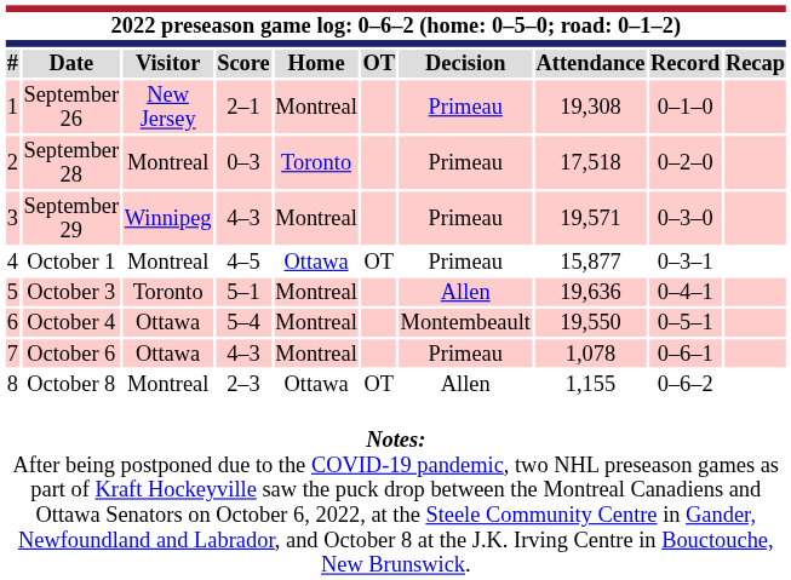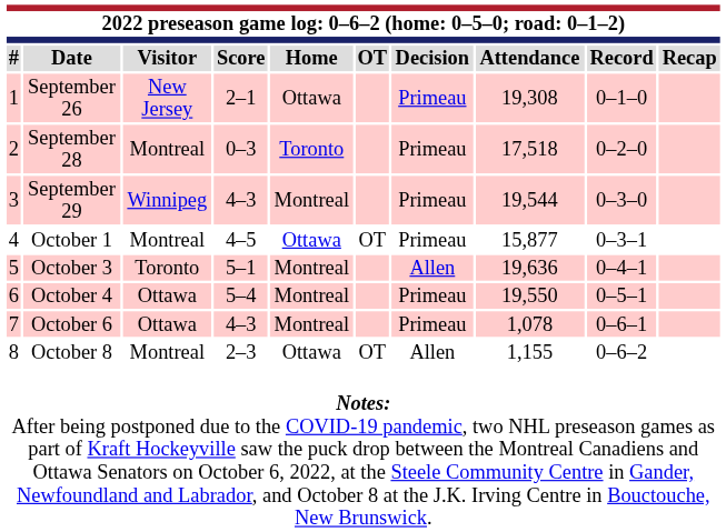 <table class="toccolours collapsible collapsed" style="width:90%; clear:both; margin:1.5em auto; text-align:center;">
 <tr>
 <th colspan="10" style="background:#FFFFFF; border-top:#AF1E2D 5px solid; border-bottom:#192168 5px solid;">2022 preseason game log: 0–6–2 (home: 0–5–0; road: 0–1–2)</th>
 </tr>
 <tr style="background:#ddd;">
 <th>#</th>
 <th>Date</th>
 <th>Visitor</th>
 <th>Score</th>
 <th>Home</th>
 <th>OT</th>
 <th>Decision</th>
 <th>Attendance</th>
 <th>Record</th>
 <th>Recap</th>
 </tr>
 <tr style="background:#fcc;">
 <td>1</td>
 <td>September 26</td>
 <td><a href='#'>New Jersey</a></td>
 <td>2–1</td>
-<td>Montreal</td>
+<td>Ottawa</td>
 <td></td>
 <td><a href='#'>Primeau</a></td>
 <td>19,308</td>
 <td>0–1–0</td>
 <td></td>
 </tr>
 <tr style="background:#fcc;">
 <td>2</td>
 <td>September 28</td>
 <td>Montreal</td>
 <td>0–3</td>
 <td><a href='#'>Toronto</a></td>
 <td></td>
 <td>Primeau</td>
 <td>17,518</td>
 <td>0–2–0</td>
 <td></td>
 </tr>
 <tr style="background:#fcc;">
 <td>3</td>
 <td>September 29</td>
 <td><a href='#'>Winnipeg</a></td>
 <td>4–3</td>
 <td>Montreal</td>
 <td></td>
 <td>Primeau</td>
-<td>19,571</td>
+<td>19,544</td>
 <td>0–3–0</td>
 <td></td>
 </tr>
 <tr style="background:#fff;">
 <td>4</td>
 <td>October 1</td>
 <td>Montreal</td>
 <td>4–5</td>
 <td><a href='#'>Ottawa</a></td>
 <td>OT</td>
 <td>Primeau</td>
 <td>15,877</td>
 <td>0–3–1</td>
 <td></td>
 </tr>
 <tr style="background:#fcc;">
 <td>5</td>
 <td>October 3</td>
 <td>Toronto</td>
 <td>5–1</td>
 <td>Montreal</td>
 <td></td>
 <td><a href='#'>Allen</a></td>
 <td>19,636</td>
 <td>0–4–1</td>
 <td></td>
 </tr>
 <tr style="background:#fcc;">
 <td>6</td>
 <td>October 4</td>
 <td>Ottawa</td>
 <td>5–4</td>
 <td>Montreal</td>
 <td></td>
-<td>Montembeault</td>
+<td>Primeau</td>
 <td>19,550</td>
 <td>0–5–1</td>
 <td></td>
 </tr>
 <tr style="background:#fcc;">
 <td>7</td>
 <td>October 6</td>
 <td>Ottawa</td>
 <td>4–3</td>
 <td>Montreal</td>
 <td></td>
 <td>Primeau</td>
 <td>1,078</td>
 <td>0–6–1</td>
 <td></td>
 </tr>
 <tr style="background:#fff;">
 <td>8</td>
 <td>October 8</td>
 <td>Montreal</td>
 <td>2–3</td>
 <td>Ottawa</td>
 <td>OT</td>
 <td>Allen</td>
 <td>1,155</td>
 <td>0–6–2</td>
 <td></td>
 </tr>
 <tr>
 <td colspan="10" style="text-align:center;"><br><strong><em>Notes:</em></strong><br>  After being postponed due to the <a href='#'>COVID-19 pandemic</a>, two NHL preseason games as part of <a href='#'>Kraft Hockeyville</a> saw the puck drop between the Montreal Canadiens and Ottawa Senators on October 6, 2022, at the <a href='#'>Steele Community Centre</a> in <a href='#'>Gander, Newfoundland and Labrador</a>, and October 8 at the J.K. Irving Centre in <a href='#'>Bouctouche, New Brunswick</a>.</td>
 </tr>
 </table>
